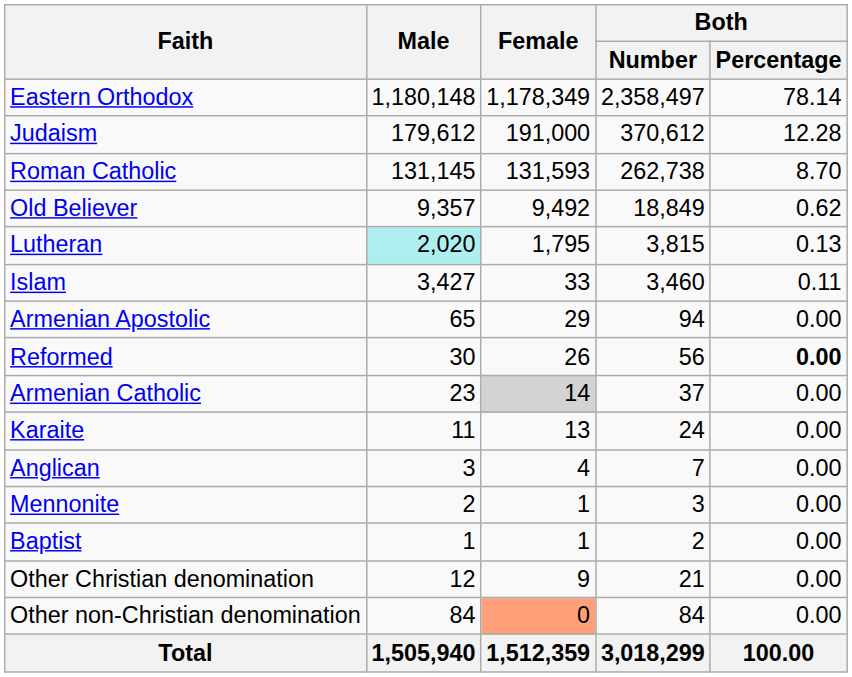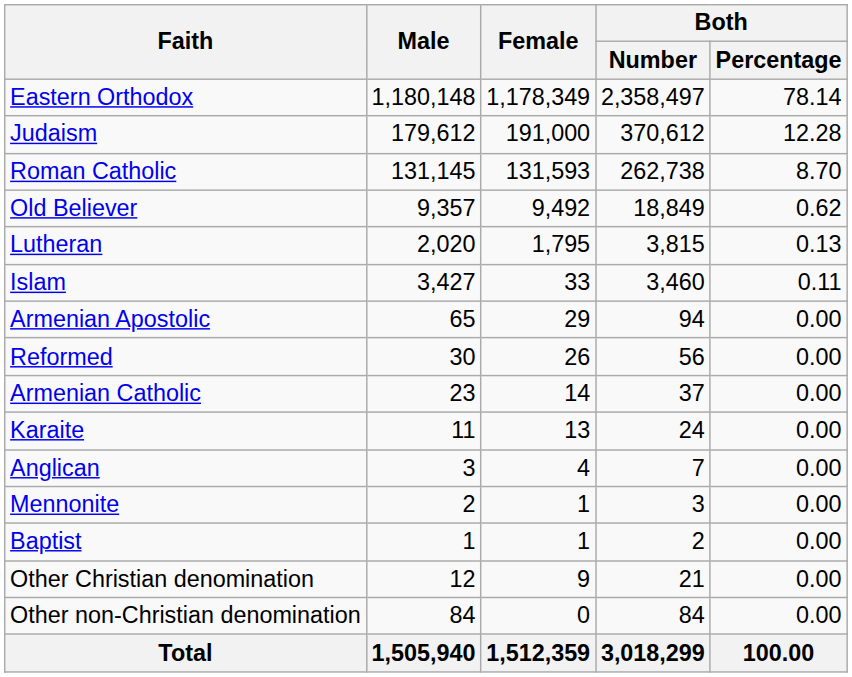 <table class="wikitable sortable">
 <tr>
 <th rowspan=2>Faith</th>
 <th rowspan=2>Male</th>
 <th rowspan=2>Female</th>
 <th colspan=2>Both</th>
 </tr>
 <tr>
 <th>Number</th>
 <th>Percentage</th>
 </tr>
 <tr>
 <td><a href='#'>Eastern Orthodox</a></td>
 <td align="right">1,180,148</td>
 <td align="right">1,178,349</td>
 <td align="right">2,358,497</td>
 <td align="right">78.14</td>
 </tr>
 <tr>
 <td><a href='#'>Judaism</a></td>
 <td align="right">179,612</td>
 <td align="right">191,000</td>
 <td align="right">370,612</td>
 <td align="right">12.28</td>
 </tr>
 <tr>
 <td><a href='#'>Roman Catholic</a></td>
 <td align="right">131,145</td>
 <td align="right">131,593</td>
 <td align="right">262,738</td>
 <td align="right">8.70</td>
 </tr>
 <tr>
 <td><a href='#'>Old Believer</a></td>
 <td align="right">9,357</td>
 <td align="right">9,492</td>
 <td align="right">18,849</td>
 <td align="right">0.62</td>
 </tr>
 <tr>
 <td><a href='#'>Lutheran</a></td>
-<td align="right" style="background: paleturquoise;">2,020</td>
+<td align="right">2,020</td>
 <td align="right">1,795</td>
 <td align="right">3,815</td>
 <td align="right">0.13</td>
 </tr>
 <tr>
 <td><a href='#'>Islam</a></td>
 <td align="right">3,427</td>
 <td align="right">33</td>
 <td align="right">3,460</td>
 <td align="right">0.11</td>
 </tr>
 <tr>
 <td><a href='#'>Armenian Apostolic</a></td>
 <td align="right">65</td>
 <td align="right">29</td>
 <td align="right">94</td>
 <td align="right">0.00</td>
 </tr>
 <tr>
 <td><a href='#'>Reformed</a></td>
 <td align="right">30</td>
 <td align="right">26</td>
 <td align="right">56</td>
-<td align="right"><strong>0.00</strong></td>
+<td align="right">0.00</td>
 </tr>
 <tr>
 <td><a href='#'>Armenian Catholic</a></td>
 <td align="right">23</td>
-<td align="right" style="background: lightgrey;">14</td>
+<td align="right">14</td>
 <td align="right">37</td>
 <td align="right">0.00</td>
 </tr>
 <tr>
 <td><a href='#'>Karaite</a></td>
 <td align="right">11</td>
 <td align="right">13</td>
 <td align="right">24</td>
 <td align="right">0.00</td>
 </tr>
 <tr>
 <td><a href='#'>Anglican</a></td>
 <td align="right">3</td>
 <td align="right">4</td>
 <td align="right">7</td>
 <td align="right">0.00</td>
 </tr>
 <tr>
 <td><a href='#'>Mennonite</a></td>
 <td align="right">2</td>
 <td align="right">1</td>
 <td align="right">3</td>
 <td align="right">0.00</td>
 </tr>
 <tr>
 <td><a href='#'>Baptist</a></td>
 <td align="right">1</td>
 <td align="right">1</td>
 <td align="right">2</td>
 <td align="right">0.00</td>
 </tr>
 <tr>
 <td>Other Christian denomination</td>
 <td align="right">12</td>
 <td align="right">9</td>
 <td align="right">21</td>
 <td align="right">0.00</td>
 </tr>
 <tr>
 <td>Other non-Christian denomination</td>
 <td align="right">84</td>
-<td align="right" style="background: lightsalmon;">0</td>
+<td align="right">0</td>
 <td align="right">84</td>
 <td align="right">0.00</td>
 </tr>
 <tr>
 <th>Total</th>
 <th>1,505,940</th>
 <th>1,512,359</th>
 <th>3,018,299</th>
 <th>100.00</th>
 </tr>
 </table>
